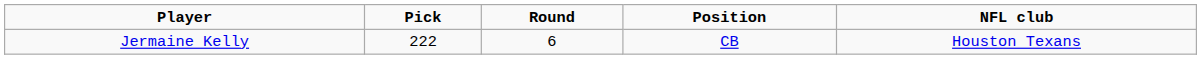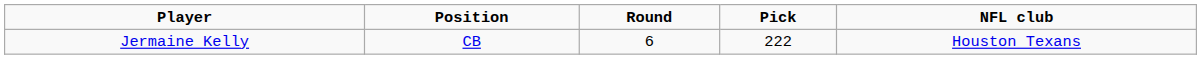 <table class="wikitable" width="80%">
 <tr align="center">
 <td><strong>Player</strong></td>
+<td><strong>Position</strong></td>
+<td><strong>Round</strong></td>
 <td><strong>Pick</strong></td>
-<td><strong>Round</strong></td>
-<td><strong>Position</strong></td>
 <td><strong>NFL club</strong></td>
 </tr>
 <tr align="center" bgcolor="">
 <td><a href='#'>Jermaine Kelly</a></td>
+<td><a href='#'>CB</a></td>
+<td>6</td>
 <td>222</td>
-<td>6</td>
-<td><a href='#'>CB</a></td>
 <td><a href='#'>Houston Texans</a></td>
 </tr>
 </table>
